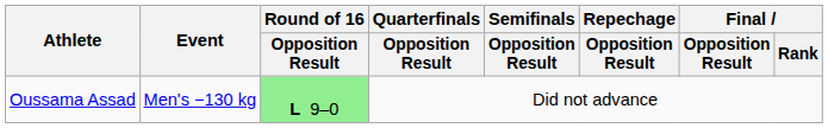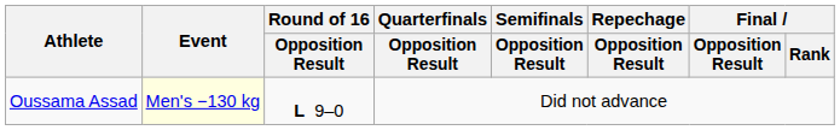 <table class="wikitable" style="font-size:90%">
 <tr>
 <th rowspan=2>Athlete</th>
 <th rowspan=2>Event</th>
 <th>Round of 16</th>
 <th>Quarterfinals</th>
 <th>Semifinals</th>
 <th>Repechage</th>
 <th colspan=2>Final / </th>
 </tr>
 <tr style="font-size: 95%">
 <th>Opposition<br>Result</th>
 <th>Opposition<br>Result</th>
 <th>Opposition<br>Result</th>
 <th>Opposition<br>Result</th>
 <th>Opposition<br>Result</th>
 <th>Rank</th>
 </tr>
 <tr align=center>
 <td align=left><a href='#'>Oussama Assad</a></td>
-<td align=left><a href='#'>Men's −130 kg</a></td>
-<td style="background: lightgreen;"><br><strong>L </strong> 9–0</td>
+<td align=left style="background: lightyellow;"><a href='#'>Men's −130 kg</a></td>
+<td><br><strong>L </strong> 9–0</td>
 <td colspan="5">Did not advance</td>
 </tr>
 </table>
